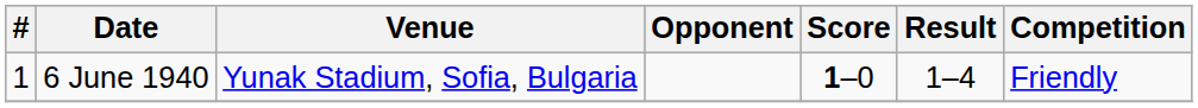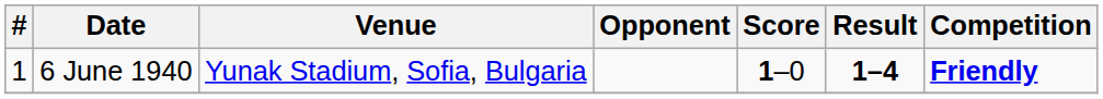 <table class="wikitable">
 <tr>
 <th>#</th>
 <th>Date</th>
 <th>Venue</th>
 <th>Opponent</th>
 <th>Score</th>
 <th>Result</th>
 <th>Competition</th>
 </tr>
 <tr>
 <td>1</td>
 <td>6 June 1940</td>
 <td><a href='#'>Yunak Stadium</a>, <a href='#'>Sofia</a>, <a href='#'>Bulgaria</a></td>
 <td></td>
 <td align=center><strong>1</strong>–0</td>
-<td align=center>1–4</td>
-<td><a href='#'>Friendly</a></td>
+<td align=center><strong>1–4</strong></td>
+<td><strong><a href='#'>Friendly</a></strong></td>
 </tr>
 <tr>
 </tr>
 </table>
